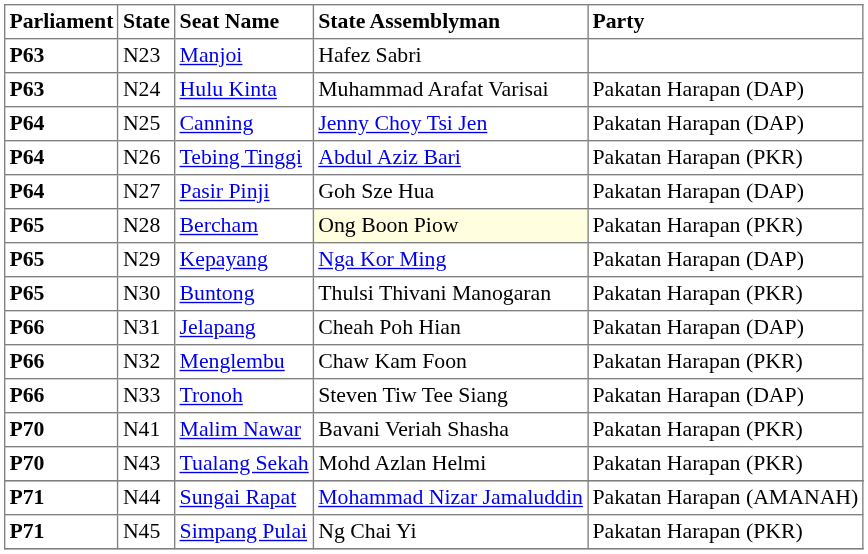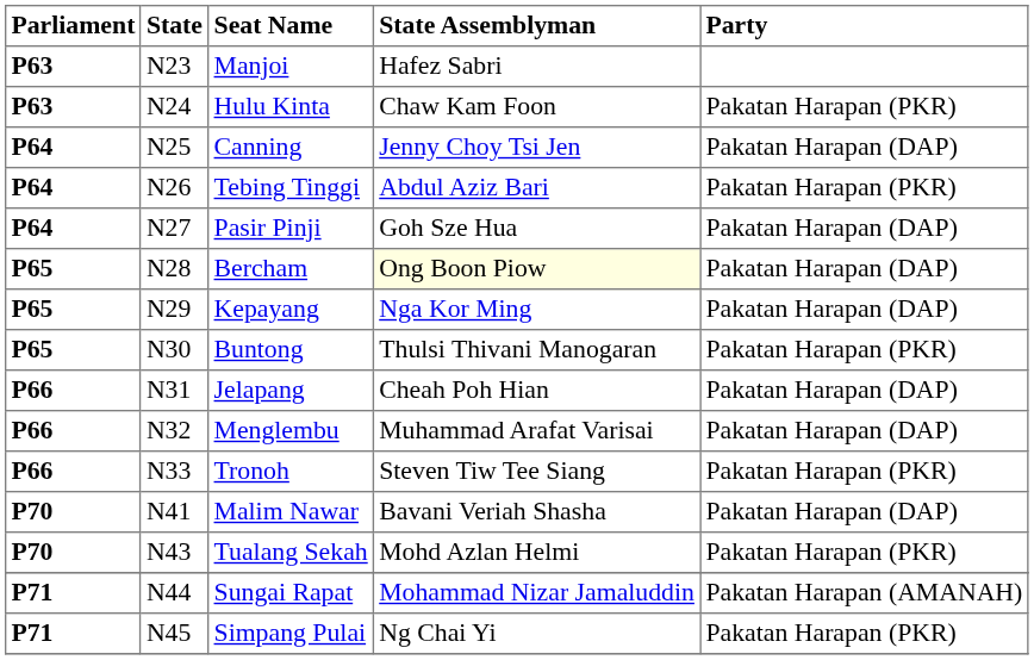 <table class="toccolours sortable" border="1" cellpadding="3" style="border-collapse:collapse; text-align: left;">
 <tr>
 <th align="center">Parliament</th>
 <th>State</th>
 <th>Seat Name</th>
 <th>State Assemblyman</th>
 <th>Party</th>
 </tr>
 <tr>
 <th align="left">P63</th>
 <td>N23</td>
 <td><a href='#'>Manjoi</a></td>
 <td>Hafez Sabri</td>
 <td></td>
 </tr>
 <tr>
 <th align="left">P63</th>
 <td>N24</td>
 <td><a href='#'>Hulu Kinta</a></td>
-<td>Muhammad Arafat Varisai</td>
-<td>Pakatan Harapan (DAP)</td>
+<td>Chaw Kam Foon</td>
+<td>Pakatan Harapan (PKR)</td>
 </tr>
 <tr>
 <th align="left">P64</th>
 <td>N25</td>
 <td><a href='#'>Canning</a></td>
 <td><a href='#'>Jenny Choy Tsi Jen</a></td>
 <td>Pakatan Harapan (DAP)</td>
 </tr>
 <tr>
 <th align="left">P64</th>
 <td>N26</td>
 <td><a href='#'>Tebing Tinggi</a></td>
 <td><a href='#'>Abdul Aziz Bari</a></td>
 <td>Pakatan Harapan (PKR)</td>
 </tr>
 <tr>
 <th align="left">P64</th>
 <td>N27</td>
 <td><a href='#'>Pasir Pinji</a></td>
 <td>Goh Sze Hua</td>
 <td>Pakatan Harapan (DAP)</td>
 </tr>
 <tr>
 <th align="left">P65</th>
 <td>N28</td>
 <td><a href='#'>Bercham</a></td>
 <td style="background: lightyellow;">Ong Boon Piow</td>
-<td>Pakatan Harapan (PKR)</td>
+<td>Pakatan Harapan (DAP)</td>
 </tr>
 <tr>
 <th align="left">P65</th>
 <td>N29</td>
 <td><a href='#'>Kepayang</a></td>
 <td><a href='#'>Nga Kor Ming</a></td>
 <td>Pakatan Harapan (DAP)</td>
 </tr>
 <tr>
 <th align="left">P65</th>
 <td>N30</td>
 <td><a href='#'>Buntong</a></td>
 <td>Thulsi Thivani Manogaran</td>
 <td>Pakatan Harapan (PKR)</td>
 </tr>
 <tr>
 <th align="left">P66</th>
 <td>N31</td>
 <td><a href='#'>Jelapang</a></td>
 <td>Cheah Poh Hian</td>
 <td>Pakatan Harapan (DAP)</td>
 </tr>
 <tr>
 <th align="left">P66</th>
 <td>N32</td>
 <td><a href='#'>Menglembu</a></td>
-<td>Chaw Kam Foon</td>
-<td>Pakatan Harapan (PKR)</td>
+<td>Muhammad Arafat Varisai</td>
+<td>Pakatan Harapan (DAP)</td>
 </tr>
 <tr>
 <th align="left">P66</th>
 <td>N33</td>
 <td><a href='#'>Tronoh</a></td>
 <td>Steven Tiw Tee Siang</td>
-<td>Pakatan Harapan (DAP)</td>
+<td>Pakatan Harapan (PKR)</td>
 </tr>
 <tr>
 <th align="left">P70</th>
 <td>N41</td>
 <td><a href='#'>Malim Nawar</a></td>
 <td>Bavani Veriah Shasha</td>
-<td>Pakatan Harapan (PKR)</td>
+<td>Pakatan Harapan (DAP)</td>
 </tr>
 <tr>
 <th align="left">P70</th>
 <td>N43</td>
 <td><a href='#'>Tualang Sekah</a></td>
 <td>Mohd Azlan Helmi</td>
 <td>Pakatan Harapan (PKR)</td>
 </tr>
 <tr>
 </tr>
 <tr>
 <th align="left">P71</th>
 <td>N44</td>
 <td><a href='#'>Sungai Rapat</a></td>
 <td><a href='#'>Mohammad Nizar Jamaluddin</a></td>
 <td>Pakatan Harapan (AMANAH)</td>
 </tr>
 <tr>
 <th align="left">P71</th>
 <td>N45</td>
 <td><a href='#'>Simpang Pulai</a></td>
 <td>Ng Chai Yi</td>
 <td>Pakatan Harapan (PKR)</td>
 </tr>
 <tr>
 </tr>
 </table>
